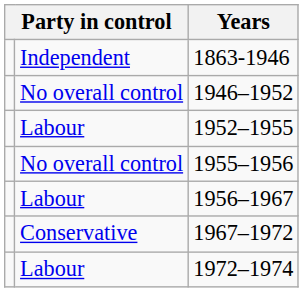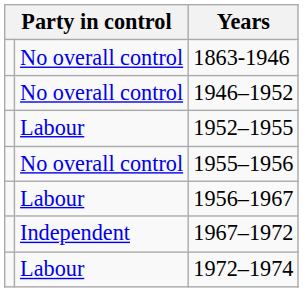 <table class="wikitable">
 <tr>
 <th colspan="2">Party in control</th>
 <th>Years</th>
 </tr>
 <tr>
 <td style="background-color: "></td>
-<td><a href='#'>Independent</a></td>
+<td><a href='#'>No overall control</a></td>
 <td>1863-1946</td>
 </tr>
 <tr>
 <td style="background-color: "></td>
 <td><a href='#'>No overall control</a></td>
 <td>1946–1952</td>
 </tr>
 <tr>
 <td style="background-color: "></td>
 <td><a href='#'>Labour</a></td>
 <td>1952–1955</td>
 </tr>
 <tr>
 <td style="background-color: "></td>
 <td><a href='#'>No overall control</a></td>
 <td>1955–1956</td>
 </tr>
 <tr>
 <td style="background-color: "></td>
 <td><a href='#'>Labour</a></td>
 <td>1956–1967</td>
 </tr>
 <tr>
 <td style="background-color: "></td>
-<td><a href='#'>Conservative</a></td>
+<td><a href='#'>Independent</a></td>
 <td>1967–1972</td>
 </tr>
 <tr>
 <td style="background-color: "></td>
 <td><a href='#'>Labour</a></td>
 <td>1972–1974</td>
 </tr>
 </table>
